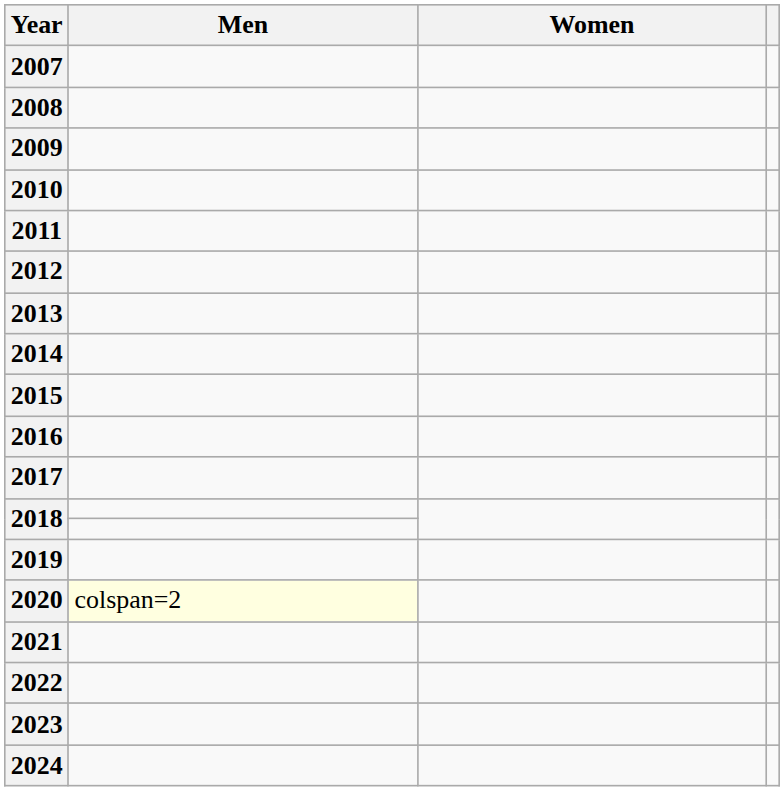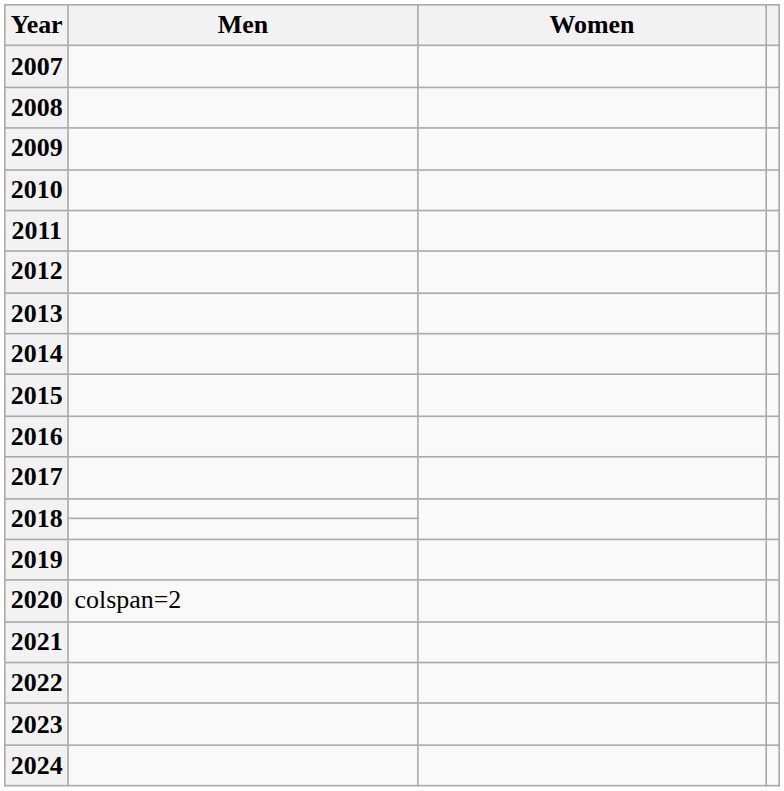 <table class="wikitable sortable">
 <tr>
 <th scope="col">Year</th>
 <th scope="col" style="width:13em">Men</th>
 <th scope="col" style="width:13em">Women</th>
 <th scope="col" class="unsortable"></th>
 </tr>
 <tr>
 <th scope="row" style="text-align:center;">2007</th>
 <td></td>
 <td></td>
 <td style="text-align:center;"></td>
 </tr>
 <tr>
 <th scope="row" style="text-align:center;">2008</th>
 <td></td>
 <td></td>
 <td style="text-align:center;"></td>
 </tr>
 <tr>
 <th scope="row" style="text-align:center;">2009</th>
 <td></td>
 <td></td>
 <td style="text-align:center;"></td>
 </tr>
 <tr>
 <th scope="row" style="text-align:center;">2010</th>
 <td></td>
 <td></td>
 <td style="text-align:center;"></td>
 </tr>
 <tr>
 <th scope="row" style="text-align:center;">2011</th>
 <td></td>
 <td></td>
 <td style="text-align:center;"></td>
 </tr>
 <tr>
 <th scope="row" style="text-align:center;">2012</th>
 <td></td>
 <td></td>
 <td style="text-align:center;"></td>
 </tr>
 <tr>
 <th scope="row" style="text-align:center;">2013</th>
 <td></td>
 <td></td>
 <td style="text-align:center;"></td>
 </tr>
 <tr>
 <th scope="row" style="text-align:center;">2014</th>
 <td></td>
 <td></td>
 <td style="text-align:center;"></td>
 </tr>
 <tr>
 <th scope="row" style="text-align:center;">2015</th>
 <td></td>
 <td></td>
 <td style="text-align:center;"></td>
 </tr>
 <tr>
 <th scope="row" style="text-align:center;">2016</th>
 <td></td>
 <td></td>
 <td style="text-align:center;"></td>
 </tr>
 <tr>
 <th scope="row" style="text-align:center;">2017</th>
 <td></td>
 <td></td>
 <td style="text-align:center;"></td>
 </tr>
 <tr>
 <th scope="rowgroup" rowspan="2" style="text-align:center;">2018</th>
 <td></td>
 <td rowspan="2"></td>
 <td rowspan="2" style="text-align:center;"></td>
 </tr>
 <tr>
 <td></td>
 </tr>
 <tr>
 <th scope="row" style="text-align:center;">2019</th>
 <td></td>
 <td></td>
 <td style="text-align:center;"></td>
 </tr>
 <tr>
 <th scope="row" style="text-align:center;">2020</th>
-<td style="background: lightyellow;">colspan=2 </td>
+<td>colspan=2 </td>
 <td style="text-align:center;"></td>
 </tr>
 <tr>
 <th scope="row" style="text-align:center;">2021</th>
 <td></td>
 <td></td>
 <td style="text-align:center;"></td>
 </tr>
 <tr>
 <th scope="row" style="text-align:center;">2022</th>
 <td></td>
 <td></td>
 <td style="text-align:center;"></td>
 </tr>
 <tr>
 <th scope="row" style="text-align:center;">2023</th>
 <td></td>
 <td></td>
 <td style="text-align:center;"></td>
 </tr>
 <tr>
 <th>2024</th>
 <td></td>
 <td></td>
 <td style="text-align:center;"></td>
 </tr>
 </table>
